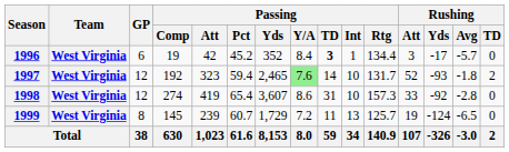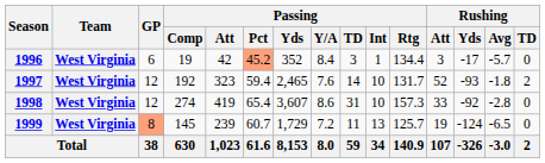 <table class="wikitable" style="text-align: center;">
 <tr>
 <th rowspan="2">Season</th>
 <th rowspan="2">Team</th>
 <th rowspan="2">GP</th>
 <th colspan="8">Passing</th>
 <th colspan="4">Rushing</th>
 </tr>
 <tr>
 <th>Comp</th>
 <th>Att</th>
 <th>Pct</th>
 <th>Yds</th>
 <th>Y/A</th>
 <th>TD</th>
 <th>Int</th>
 <th>Rtg</th>
 <th>Att</th>
 <th>Yds</th>
 <th>Avg</th>
 <th>TD</th>
 </tr>
 <tr>
 <th><a href='#'>1996</a></th>
 <th><a href='#'>West Virginia</a></th>
 <td>6</td>
 <td>19</td>
 <td>42</td>
-<td>45.2</td>
+<td style="background: lightsalmon;">45.2</td>
 <td>352</td>
 <td>8.4</td>
-<td><strong>3</strong></td>
+<td>3</td>
 <td>1</td>
 <td>134.4</td>
 <td>3</td>
 <td>-17</td>
 <td>-5.7</td>
 <td>0</td>
 </tr>
 <tr>
 <th><a href='#'>1997</a></th>
 <th><a href='#'>West Virginia</a></th>
 <td>12</td>
 <td>192</td>
 <td>323</td>
 <td>59.4</td>
 <td>2,465</td>
-<td style="background: lightgreen;">7.6</td>
+<td>7.6</td>
 <td>14</td>
 <td>10</td>
 <td>131.7</td>
 <td>52</td>
 <td>-93</td>
 <td>-1.8</td>
 <td>2</td>
 </tr>
 <tr>
 <th><a href='#'>1998</a></th>
 <th><a href='#'>West Virginia</a></th>
 <td>12</td>
 <td>274</td>
 <td>419</td>
 <td>65.4</td>
 <td>3,607</td>
 <td>8.6</td>
 <td>31</td>
 <td>10</td>
 <td>157.3</td>
 <td>33</td>
 <td>-92</td>
 <td>-2.8</td>
 <td>0</td>
 </tr>
 <tr>
 <th><a href='#'>1999</a></th>
 <th><a href='#'>West Virginia</a></th>
-<td>8</td>
+<td style="background: lightsalmon;">8</td>
 <td>145</td>
 <td>239</td>
 <td>60.7</td>
 <td>1,729</td>
 <td>7.2</td>
 <td>11</td>
 <td>13</td>
 <td>125.7</td>
 <td>19</td>
 <td>-124</td>
 <td>-6.5</td>
 <td>0</td>
 </tr>
 <tr>
 <th colspan="2">Total</th>
 <th>38</th>
 <th>630</th>
 <th>1,023</th>
 <th>61.6</th>
 <th>8,153</th>
 <th>8.0</th>
 <th>59</th>
 <th>34</th>
 <th>140.9</th>
 <th>107</th>
 <th>-326</th>
 <th>-3.0</th>
 <th>2</th>
 </tr>
 </table>
